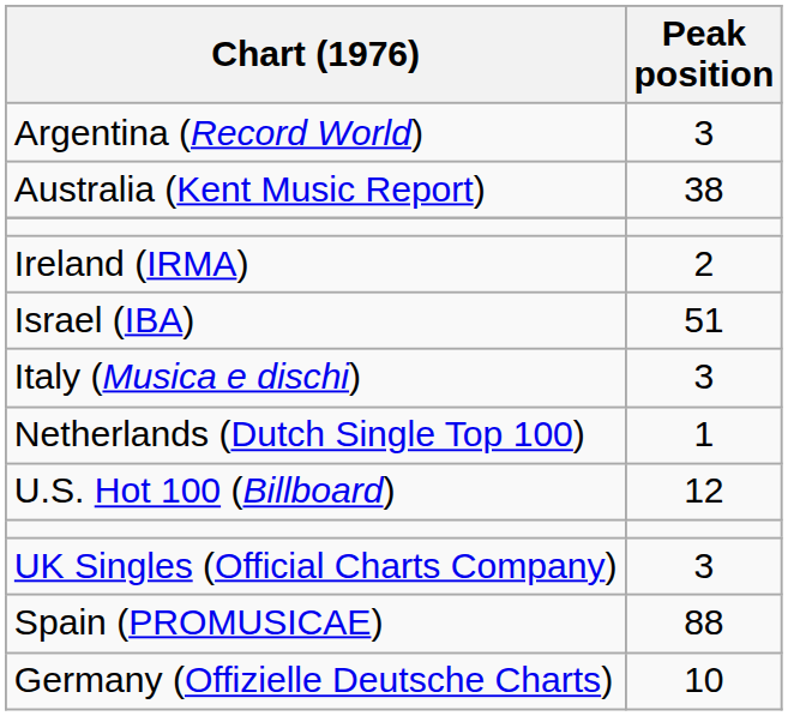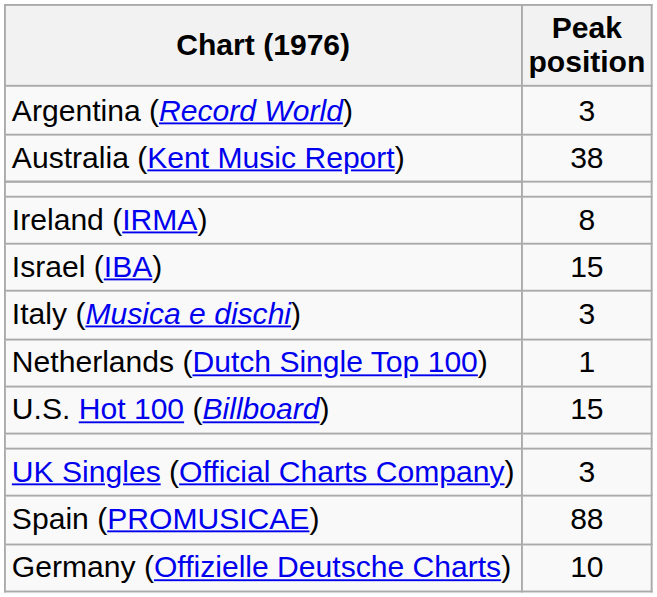 <table class="wikitable">
 <tr>
 <th>Chart (1976)</th>
 <th>Peak<br>position</th>
 </tr>
 <tr>
 <td>Argentina (<em><a href='#'>Record World</a></em>)</td>
 <td style="text-align:center;">3</td>
 </tr>
 <tr>
 <td>Australia (<a href='#'>Kent Music Report</a>)</td>
 <td style="text-align:center;">38</td>
 </tr>
 <tr>
 </tr>
 <tr>
 </tr>
 <tr>
 <td></td>
 </tr>
 <tr>
 <td>Ireland (<a href='#'>IRMA</a>)</td>
-<td style="text-align:center;">2</td>
+<td style="text-align:center;">8</td>
 </tr>
 <tr>
 <td>Israel (<a href='#'>IBA</a>)</td>
-<td style="text-align:center;">51</td>
+<td style="text-align:center;">15</td>
 </tr>
 <tr>
 <td>Italy (<em><a href='#'>Musica e dischi</a></em>)</td>
 <td align="center">3</td>
 </tr>
 <tr>
 <td>Netherlands (<a href='#'>Dutch Single Top 100</a>)</td>
 <td style="text-align:center;">1</td>
 </tr>
 <tr>
 <td>U.S. <a href='#'>Hot 100</a> (<a href='#'><em>Billboard</em></a>)</td>
-<td align="center">12</td>
+<td align="center">15</td>
 </tr>
 <tr>
 <td></td>
 </tr>
 <tr>
 <td><a href='#'>UK Singles</a> (<a href='#'>Official Charts Company</a>)</td>
 <td style="text-align:center;">3</td>
 </tr>
 <tr>
 <td>Spain (<a href='#'>PROMUSICAE</a>)</td>
 <td style="text-align:center;">88</td>
 </tr>
 <tr>
 <td>Germany (<a href='#'>Offizielle Deutsche Charts</a>)</td>
 <td style="text-align:center;">10</td>
 </tr>
 </table>
